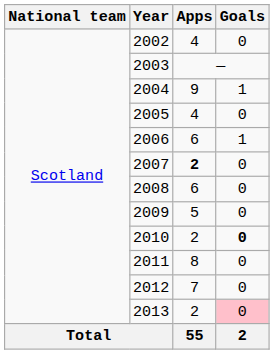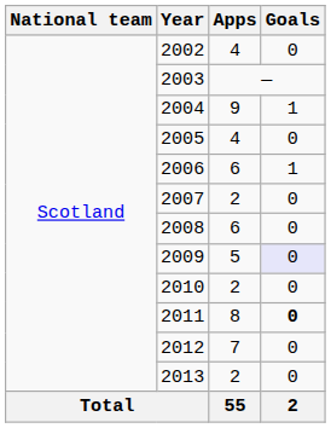 <table class="wikitable" style="text-align:center">
 <tr>
 <th>National team</th>
 <th>Year</th>
 <th>Apps</th>
 <th>Goals</th>
 </tr>
 <tr>
 <td rowspan="12"><a href='#'>Scotland</a></td>
 <td>2002</td>
 <td>4</td>
 <td>0</td>
 </tr>
 <tr>
 <td>2003</td>
 <td colspan="2">—</td>
 </tr>
 <tr>
 <td>2004</td>
 <td>9</td>
 <td>1</td>
 </tr>
 <tr>
 <td>2005</td>
 <td>4</td>
 <td>0</td>
 </tr>
 <tr>
 <td>2006</td>
 <td>6</td>
 <td>1</td>
 </tr>
 <tr>
 <td>2007</td>
-<td><strong>2</strong></td>
+<td>2</td>
 <td>0</td>
 </tr>
 <tr>
 <td>2008</td>
 <td>6</td>
 <td>0</td>
 </tr>
 <tr>
 <td>2009</td>
 <td>5</td>
-<td>0</td>
+<td style="background: lavender;">0</td>
 </tr>
 <tr>
 <td>2010</td>
 <td>2</td>
-<td><strong>0</strong></td>
+<td>0</td>
 </tr>
 <tr>
 <td>2011</td>
 <td>8</td>
-<td>0</td>
+<td><strong>0</strong></td>
 </tr>
 <tr>
 <td>2012</td>
 <td>7</td>
 <td>0</td>
 </tr>
 <tr>
 <td>2013</td>
 <td>2</td>
-<td style="background: pink;">0</td>
+<td>0</td>
 </tr>
 <tr>
 <th colspan="2">Total</th>
 <th>55</th>
 <th>2</th>
 </tr>
 </table>
